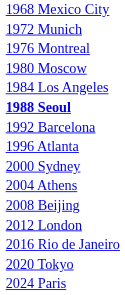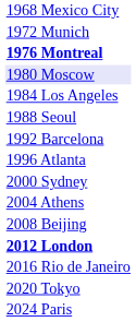 <table>
 <tr>
 <td><a href='#'>1968 Mexico City</a><br></td>
 <td></td>
 <td></td>
 <td></td>
 </tr>
 <tr>
 <td><a href='#'>1972 Munich</a><br></td>
 <td></td>
 <td></td>
 <td></td>
 </tr>
 <tr>
-<td><a href='#'>1976 Montreal</a><br></td>
+<td><strong><a href='#'>1976 Montreal</a><br></strong></td>
 <td></td>
 <td></td>
 <td></td>
 </tr>
 <tr>
-<td><a href='#'>1980 Moscow</a><br></td>
+<td style="background: lavender;"><a href='#'>1980 Moscow</a><br></td>
 <td></td>
 <td></td>
 <td></td>
 </tr>
 <tr>
 <td><a href='#'>1984 Los Angeles</a><br></td>
 <td></td>
 <td></td>
 <td></td>
 </tr>
 <tr>
-<td><strong><a href='#'>1988 Seoul</a><br></strong></td>
+<td><a href='#'>1988 Seoul</a><br></td>
 <td></td>
 <td></td>
 <td></td>
 </tr>
 <tr>
 <td><a href='#'>1992 Barcelona</a><br></td>
 <td></td>
 <td></td>
 <td></td>
 </tr>
 <tr>
 <td><a href='#'>1996 Atlanta</a><br></td>
 <td></td>
 <td></td>
 <td></td>
 </tr>
 <tr>
 <td><a href='#'>2000 Sydney</a><br></td>
 <td></td>
 <td></td>
 <td></td>
 </tr>
 <tr>
 <td><a href='#'>2004 Athens</a><br></td>
 <td></td>
 <td></td>
 <td></td>
 </tr>
 <tr>
 <td><a href='#'>2008 Beijing</a><br></td>
 <td></td>
 <td></td>
 <td></td>
 </tr>
 <tr>
-<td><a href='#'>2012 London</a><br></td>
+<td><strong><a href='#'>2012 London</a><br></strong></td>
 <td></td>
 <td></td>
 <td></td>
 </tr>
 <tr>
 <td><a href='#'>2016 Rio de Janeiro</a><br></td>
 <td></td>
 <td></td>
 <td></td>
 </tr>
 <tr>
 <td><a href='#'>2020 Tokyo</a><br></td>
 <td></td>
 <td></td>
 <td></td>
 </tr>
 <tr>
 <td><a href='#'>2024 Paris</a><br></td>
 <td></td>
 <td></td>
 <td></td>
 </tr>
 <tr>
 </tr>
 </table>
